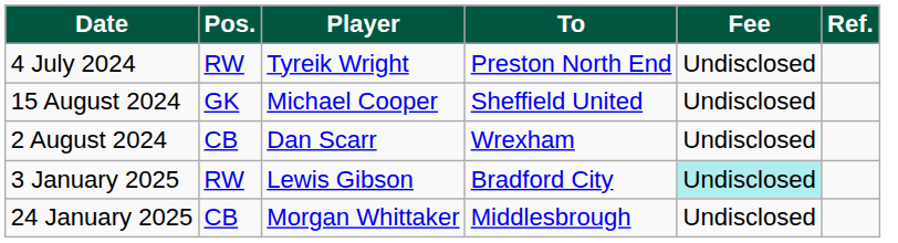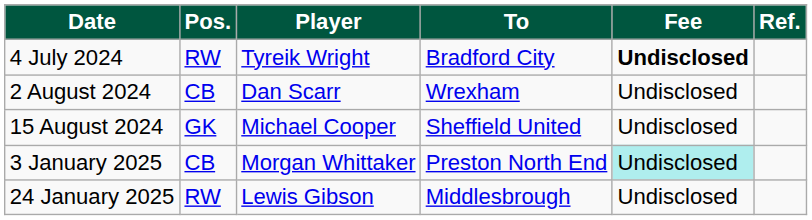 <table class="wikitable plainrowheaders sortable">
 <tr>
 <th style="background:#00563F;color:#FFFFFF;">Date</th>
 <th style="background:#00563F;color:#FFFFFF;">Pos.</th>
 <th style="background:#00563F;color:#FFFFFF;">Player</th>
 <th style="background:#00563F;color:#FFFFFF;">To</th>
 <th style="background:#00563F;color:#FFFFFF;">Fee</th>
 <th style="background:#00563F;color:#FFFFFF;">Ref.</th>
 </tr>
 <tr>
 <td>4 July 2024</td>
 <td><a href='#'>RW</a></td>
 <td> <a href='#'>Tyreik Wright</a></td>
-<td> <a href='#'>Preston North End</a></td>
+<td> <a href='#'>Bradford City</a></td>
+<td><strong>Undisclosed</strong></td>
+<td></td>
+</tr>
+<tr>
+<td>2 August 2024</td>
+<td><a href='#'>CB</a></td>
+<td> <a href='#'>Dan Scarr</a></td>
+<td> <a href='#'>Wrexham</a></td>
 <td>Undisclosed</td>
 <td></td>
 </tr>
 <tr>
 <td>15 August 2024</td>
 <td><a href='#'>GK</a></td>
 <td> <a href='#'>Michael Cooper</a></td>
 <td> <a href='#'>Sheffield United</a></td>
 <td>Undisclosed</td>
 <td></td>
 </tr>
 <tr>
-<td>2 August 2024</td>
+<td>3 January 2025</td>
 <td><a href='#'>CB</a></td>
-<td> <a href='#'>Dan Scarr</a></td>
-<td> <a href='#'>Wrexham</a></td>
-<td>Undisclosed</td>
-<td></td>
-</tr>
-<tr>
-<td>3 January 2025</td>
-<td><a href='#'>RW</a></td>
-<td> <a href='#'>Lewis Gibson</a></td>
-<td> <a href='#'>Bradford City</a></td>
+<td> <a href='#'>Morgan Whittaker</a></td>
+<td> <a href='#'>Preston North End</a></td>
 <td style="background: paleturquoise;">Undisclosed</td>
 <td></td>
 </tr>
 <tr>
 <td>24 January 2025</td>
-<td><a href='#'>CB</a></td>
-<td> <a href='#'>Morgan Whittaker</a></td>
+<td><a href='#'>RW</a></td>
+<td> <a href='#'>Lewis Gibson</a></td>
 <td> <a href='#'>Middlesbrough</a></td>
 <td>Undisclosed</td>
 <td></td>
 </tr>
 </table>
